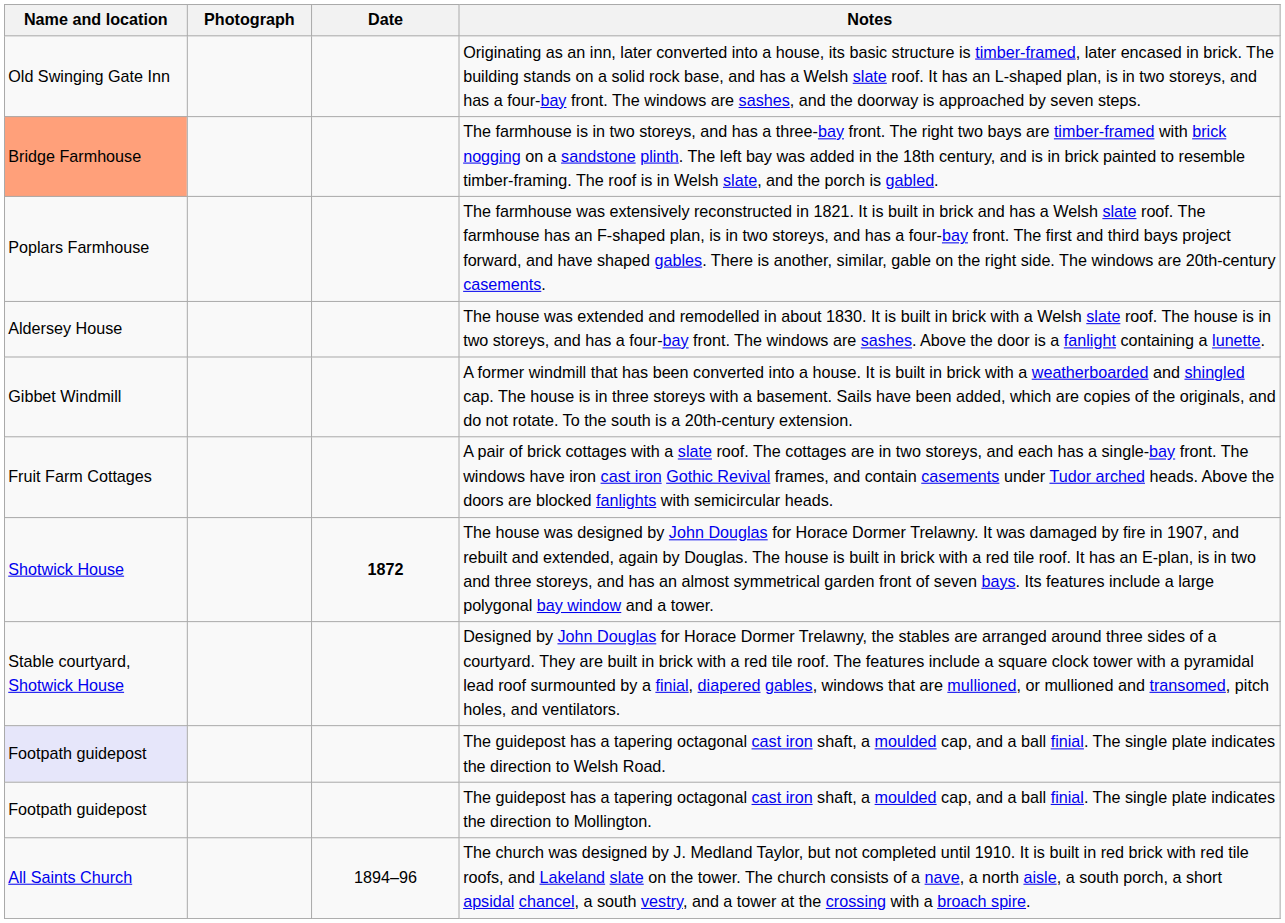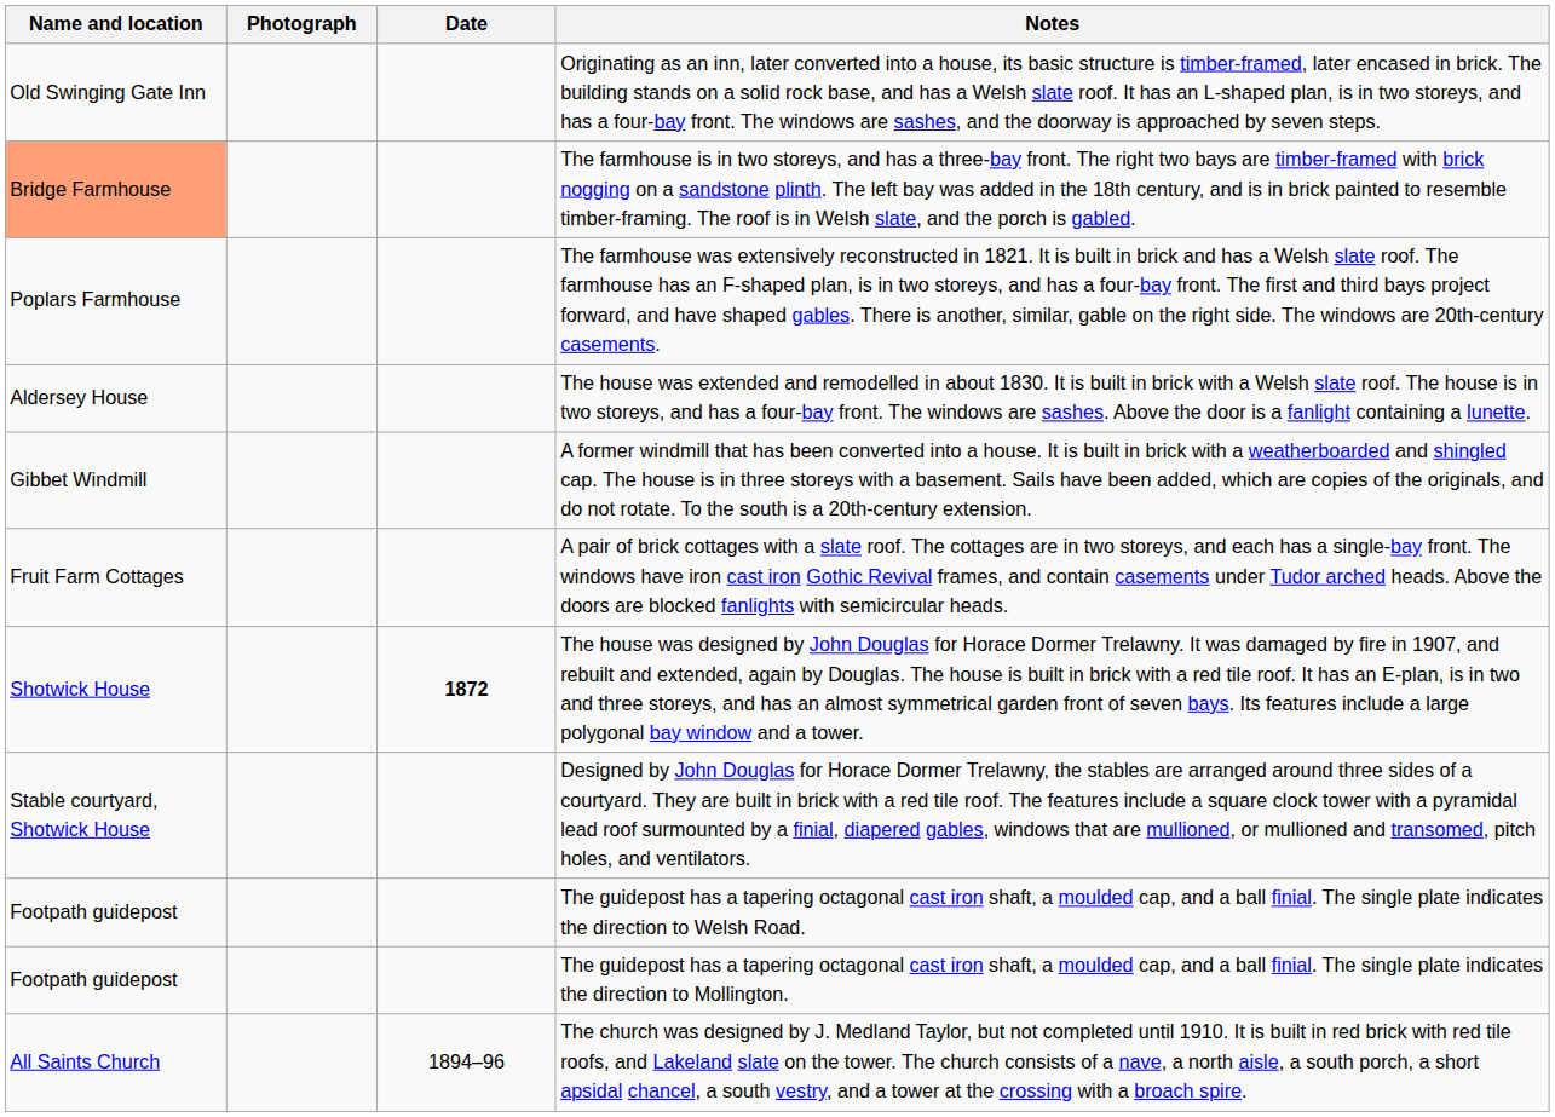 <table class="wikitable sortable plainrowheaders" style="width:100%;border:0px;text-align:left;line-height:150%;">
 <tr>
 <th scope="col"  style="width:150px">Name and location</th>
 <th scope="col"  style="width:100px" class="unsortable">Photograph</th>
 <th scope="col"  style="width:120px">Date</th>
 <th scope="col"  style="width:700px" class="unsortable">Notes</th>
 </tr>
 <tr>
 <td>Old Swinging Gate Inn<br><small></small></td>
 <td></td>
 <td align="center"></td>
 <td>Originating as an inn, later converted into a house, its basic structure is <a href='#'>timber-framed</a>, later encased in brick.  The building stands on a solid rock base, and has a Welsh <a href='#'>slate</a> roof.  It has an L-shaped plan, is in two storeys, and has a four-<a href='#'>bay</a> front.  The windows are <a href='#'>sashes</a>, and the doorway is approached by seven steps.</td>
 </tr>
 <tr>
 <td style="background: lightsalmon;">Bridge Farmhouse<br><small></small></td>
 <td></td>
 <td align="center"></td>
 <td>The farmhouse is in two storeys, and has a three-<a href='#'>bay</a> front.  The right two bays are <a href='#'>timber-framed</a> with <a href='#'>brick nogging</a> on a <a href='#'>sandstone</a> <a href='#'>plinth</a>.  The left bay was added in the 18th century, and is in brick painted to resemble timber-framing.  The roof is in Welsh <a href='#'>slate</a>, and the porch is <a href='#'>gabled</a>.</td>
 </tr>
 <tr>
 <td>Poplars Farmhouse<br><small></small></td>
 <td></td>
 <td align="center"></td>
 <td>The farmhouse was extensively reconstructed in 1821.  It is built in brick and has a Welsh <a href='#'>slate</a> roof.  The farmhouse has an F-shaped plan, is in two storeys, and has a four-<a href='#'>bay</a> front.  The first and third bays project forward, and have shaped <a href='#'>gables</a>.  There is another, similar, gable on the right side.  The windows are 20th-century <a href='#'>casements</a>.</td>
 </tr>
 <tr>
 <td>Aldersey House<br><small></small></td>
 <td></td>
 <td align="center"></td>
 <td>The house was extended and remodelled in about 1830.  It is built in brick with a Welsh <a href='#'>slate</a> roof.  The house is in two storeys, and has a four-<a href='#'>bay</a> front.  The windows are <a href='#'>sashes</a>.  Above the door is a <a href='#'>fanlight</a> containing a <a href='#'>lunette</a>.</td>
 </tr>
 <tr>
 <td>Gibbet Windmill<br><small></small></td>
 <td></td>
 <td align="center"></td>
 <td>A former windmill that has been converted into a house.  It is built in brick with a <a href='#'>weatherboarded</a> and <a href='#'>shingled</a> cap.  The house is in three storeys with a basement.  Sails have been added, which are copies of the originals, and do not rotate.  To the south is a 20th-century extension.</td>
 </tr>
 <tr>
 <td>Fruit Farm Cottages<br><small></small></td>
 <td></td>
 <td align="center"></td>
 <td>A pair of brick cottages with a <a href='#'>slate</a> roof.  The cottages are in two storeys, and each has a single-<a href='#'>bay</a> front.  The windows have iron <a href='#'>cast iron</a> <a href='#'>Gothic Revival</a> frames, and contain <a href='#'>casements</a> under <a href='#'>Tudor arched</a> heads.  Above the doors are blocked <a href='#'>fanlights</a> with semicircular heads.</td>
 </tr>
 <tr>
 <td><a href='#'>Shotwick House</a><br><small></small></td>
 <td></td>
 <td align="center"><strong>1872</strong></td>
 <td>The house was designed by <a href='#'>John Douglas</a> for Horace Dormer Trelawny.  It was damaged by fire in 1907, and rebuilt and extended, again by Douglas.  The house is built in brick with a red tile roof.  It has an E-plan, is in two and three storeys, and has an almost symmetrical garden front of seven <a href='#'>bays</a>.  Its features include a large polygonal <a href='#'>bay window</a> and a tower.</td>
 </tr>
 <tr>
 <td>Stable courtyard,<br><a href='#'>Shotwick House</a><br><small></small></td>
 <td></td>
 <td align="center"></td>
 <td>Designed by <a href='#'>John Douglas</a> for Horace Dormer Trelawny, the stables are arranged around three sides of a courtyard.  They are built in brick with a red tile roof.  The features include a square clock tower with a pyramidal lead roof surmounted by a <a href='#'>finial</a>, <a href='#'>diapered</a> <a href='#'>gables</a>, windows that are <a href='#'>mullioned</a>, or mullioned and <a href='#'>transomed</a>, pitch holes, and ventilators.</td>
 </tr>
 <tr>
-<td style="background: lavender;">Footpath guidepost<br><small></small></td>
+<td>Footpath guidepost<br><small></small></td>
 <td></td>
 <td align="center"></td>
 <td>The guidepost has a tapering octagonal <a href='#'>cast iron</a> shaft, a <a href='#'>moulded</a> cap, and a ball <a href='#'>finial</a>.  The single plate indicates the direction to Welsh Road.</td>
 </tr>
 <tr>
 <td>Footpath guidepost<br><small></small></td>
 <td></td>
 <td align="center"></td>
 <td>The guidepost has a tapering octagonal <a href='#'>cast iron</a> shaft, a <a href='#'>moulded</a> cap, and a ball <a href='#'>finial</a>.  The single plate indicates the direction to Mollington.</td>
 </tr>
 <tr>
 <td><a href='#'>All Saints Church</a><br><small></small></td>
 <td></td>
 <td align="center">1894–96</td>
 <td>The church was designed by J. Medland Taylor, but not completed until 1910.  It is built in red brick with red tile roofs, and <a href='#'>Lakeland</a> <a href='#'>slate</a> on the tower.  The church consists of a <a href='#'>nave</a>, a north <a href='#'>aisle</a>, a south porch, a short <a href='#'>apsidal</a> <a href='#'>chancel</a>, a south <a href='#'>vestry</a>, and a tower at the <a href='#'>crossing</a> with a <a href='#'>broach spire</a>.</td>
 </tr>
 <tr>
 </tr>
 </table>
